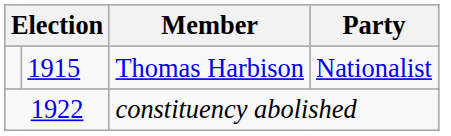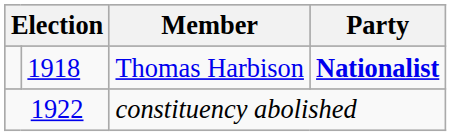 <table class="wikitable">
 <tr>
 <th colspan="2">Election</th>
 <th>Member</th>
 <th>Party</th>
 </tr>
 <tr>
 <td style="color:inherit;background-color: "></td>
-<td><a href='#'>1915</a></td>
+<td><a href='#'>1918</a></td>
 <td><a href='#'>Thomas Harbison</a></td>
-<td><a href='#'>Nationalist</a></td>
+<td><strong><a href='#'>Nationalist</a></strong></td>
 </tr>
 <tr>
 <td colspan="2" align="center"><a href='#'>1922</a></td>
 <td colspan="2"><em>constituency abolished</em></td>
 </tr>
 </table>
